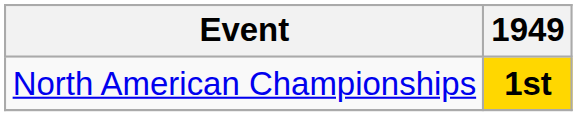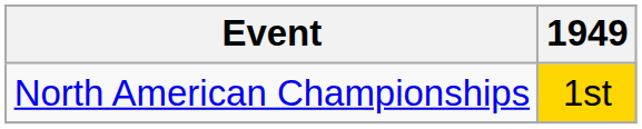 <table class="wikitable">
 <tr>
 <th>Event</th>
 <th>1949</th>
 </tr>
 <tr>
 <td><a href='#'>North American Championships</a></td>
-<td align="center" bgcolor="gold"><strong>1st</strong></td>
+<td align="center" bgcolor="gold">1st</td>
 </tr>
 <tr>
 </tr>
 </table>
